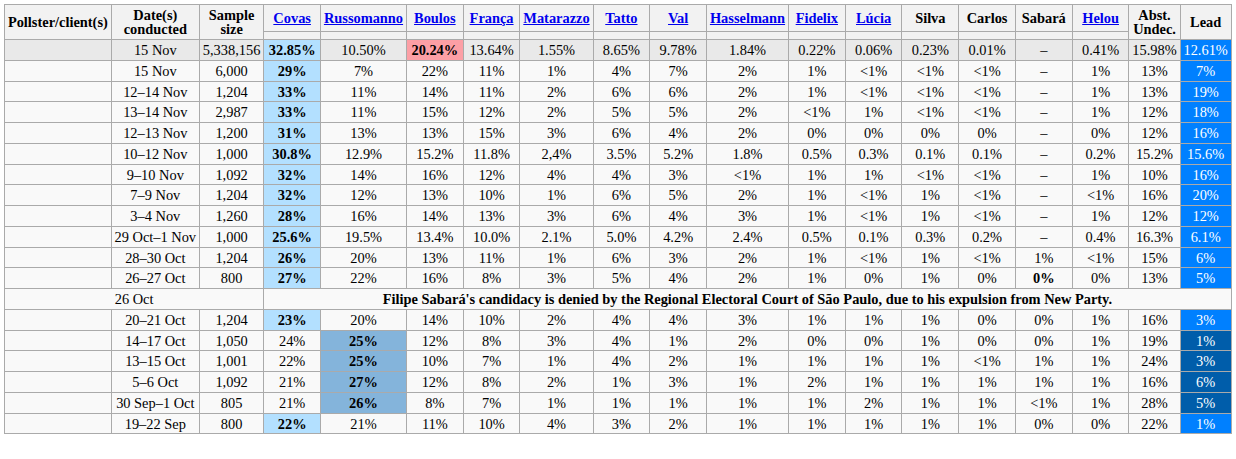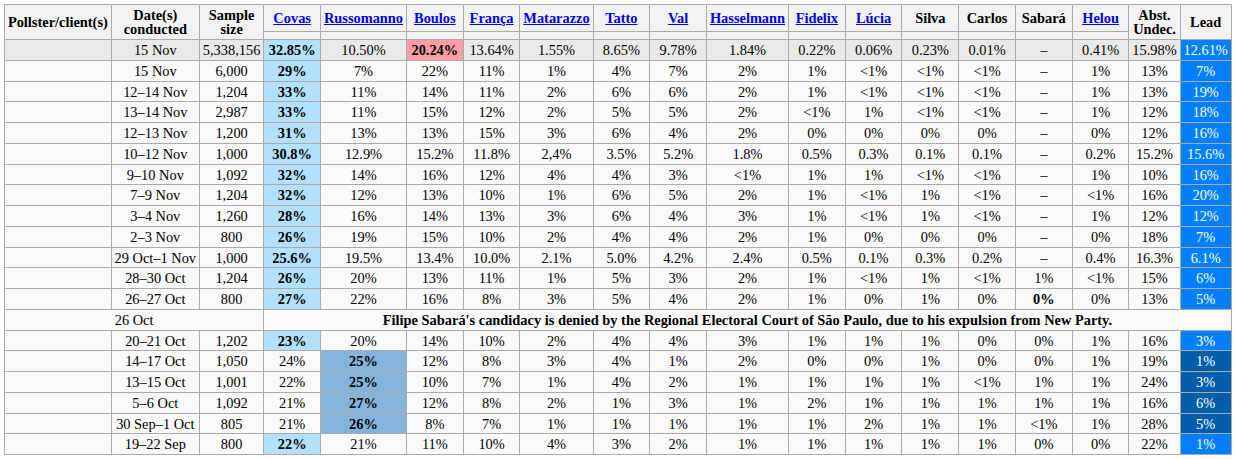 <table class="wikitable sortable" style="text-align:center;font-size:90%;line-height:14px;">
 <tr>
 <th rowspan="2">Pollster/client(s)</th>
 <th rowspan="2">Date(s)<br>conducted</th>
 <th rowspan="2" data-sort-type="number">Sample<br>size</th>
 <th class="unsortable" style="width:50px;"><a href='#'>Covas</a><br></th>
 <th class="unsortable" style="width:50px;"><a href='#'>Russomanno</a><br></th>
 <th class="unsortable" style="width:50px;"><a href='#'>Boulos</a><br></th>
 <th class="unsortable" style="width:50px;"><a href='#'>França</a><br></th>
 <th class="unsortable" style="width:50px;"><a href='#'>Matarazzo</a><br></th>
 <th class="unsortable" style="width:50px;"><a href='#'>Tatto</a><br></th>
 <th class="unsortable" style="width:50px;"><a href='#'>Val</a><br></th>
 <th class="unsortable" style="width:50px;"><a href='#'>Hasselmann</a><br></th>
 <th class="unsortable" style="width:50px;"><a href='#'>Fidelix</a><br></th>
 <th class="unsortable" style="width:50px;"><a href='#'>Lúcia</a><br></th>
 <th class="unsortable" style="width:50px;">Silva<br></th>
 <th class="unsortable" style="width:50px;">Carlos<br></th>
 <th class="unsortable" style="width:50px;">Sabará<br></th>
 <th class="unsortable" style="width:50px;"><a href='#'>Helou</a><br></th>
 <th rowspan="2" class="unsortable">Abst.<br>Undec.</th>
 <th rowspan="2" data-sort-type="number">Lead</th>
 </tr>
 <tr>
 <th data-sort-type="number" class="sortable" style="background:"></th>
 <th data-sort-type="number" class="sortable" style="background:"></th>
 <th data-sort-type="number" class="sortable" style="background:"></th>
 <th data-sort-type="number" class="sortable" style="background:"></th>
 <th data-sort-type="number" class="sortable" style="background:"></th>
 <th data-sort-type="number" class="sortable" style="background:"></th>
 <th data-sort-type="number" class="sortable" style="background:"></th>
 <th data-sort-type="number" class="sortable" style="background:"></th>
 <th data-sort-type="number" class="sortable" style="background:"></th>
 <th data-sort-type="number" class="sortable" style="background:"></th>
 <th data-sort-type="number" class="sortable" style="background:"></th>
 <th data-sort-type="number" class="sortable" style="background:"></th>
 <th data-sort-type="number" class="sortable" style="background:"></th>
 <th data-sort-type="number" class="sortable" style="background:"></th>
 </tr>
 <tr style="background:#E9E9E9;">
 <td></td>
 <td>15 Nov</td>
 <td>5,338,156</td>
 <td style="background:#B3E0FF;"><strong>32.85%</strong></td>
 <td>10.50%</td>
 <td style="background:#FC9FA5;"><strong>20.24%</strong></td>
 <td>13.64%</td>
 <td>1.55%</td>
 <td>8.65%</td>
 <td>9.78%</td>
 <td>1.84%</td>
 <td>0.22%</td>
 <td>0.06%</td>
 <td>0.23%</td>
 <td>0.01%</td>
 <td>–</td>
 <td>0.41%</td>
 <td>15.98%</td>
 <td style="background:#0080FF;color:#FFFFFF;">12.61%</td>
 </tr>
 <tr>
 <td></td>
 <td>15 Nov</td>
 <td>6,000</td>
 <td style="background:#B3E0FF;"><strong>29%</strong></td>
 <td>7%</td>
 <td>22%</td>
 <td>11%</td>
 <td>1%</td>
 <td>4%</td>
 <td>7%</td>
 <td>2%</td>
 <td>1%</td>
 <td><1%</td>
 <td><1%</td>
 <td><1%</td>
 <td>–</td>
 <td>1%</td>
 <td>13%</td>
 <td style="background:#0080FF;color:#FFFFFF;">7%</td>
 </tr>
 <tr>
 <td></td>
 <td>12–14 Nov</td>
 <td>1,204</td>
 <td style="background:#B3E0FF;"><strong>33%</strong></td>
 <td>11%</td>
 <td>14%</td>
 <td>11%</td>
 <td>2%</td>
 <td>6%</td>
 <td>6%</td>
 <td>2%</td>
 <td>1%</td>
 <td><1%</td>
 <td><1%</td>
 <td><1%</td>
 <td>–</td>
 <td>1%</td>
 <td>13%</td>
 <td style="background:#0080FF;color:#FFFFFF;">19%</td>
 </tr>
 <tr>
 <td></td>
 <td>13–14 Nov</td>
 <td>2,987</td>
 <td style="background:#B3E0FF;"><strong>33%</strong></td>
 <td>11%</td>
 <td>15%</td>
 <td>12%</td>
 <td>2%</td>
 <td>5%</td>
 <td>5%</td>
 <td>2%</td>
 <td><1%</td>
 <td>1%</td>
 <td><1%</td>
 <td><1%</td>
 <td>–</td>
 <td>1%</td>
 <td>12%</td>
 <td style="background:#0080FF;color:#FFFFFF;">18%</td>
 </tr>
 <tr>
 <td></td>
 <td>12–13 Nov</td>
 <td>1,200</td>
 <td style="background:#B3E0FF;"><strong>31%</strong></td>
 <td>13%</td>
 <td>13%</td>
 <td>15%</td>
 <td>3%</td>
 <td>6%</td>
 <td>4%</td>
 <td>2%</td>
 <td>0%</td>
 <td>0%</td>
 <td>0%</td>
 <td>0%</td>
 <td>–</td>
 <td>0%</td>
 <td>12%</td>
 <td style="background:#0080FF;color:#FFFFFF;">16%</td>
 </tr>
 <tr>
 <td></td>
 <td>10–12 Nov</td>
 <td>1,000</td>
 <td style="background:#B3E0FF;"><strong>30.8%</strong></td>
 <td>12.9%</td>
 <td>15.2%</td>
 <td>11.8%</td>
 <td>2,4%</td>
 <td>3.5%</td>
 <td>5.2%</td>
 <td>1.8%</td>
 <td>0.5%</td>
 <td>0.3%</td>
 <td>0.1%</td>
 <td>0.1%</td>
 <td>–</td>
 <td>0.2%</td>
 <td>15.2%</td>
 <td style="background:#0080FF;color:#FFFFFF;">15.6%</td>
 </tr>
 <tr>
 <td></td>
 <td>9–10 Nov</td>
 <td>1,092</td>
 <td style="background:#B3E0FF;"><strong>32%</strong></td>
 <td>14%</td>
 <td>16%</td>
 <td>12%</td>
 <td>4%</td>
 <td>4%</td>
 <td>3%</td>
 <td><1%</td>
 <td>1%</td>
 <td>1%</td>
 <td><1%</td>
 <td><1%</td>
 <td>–</td>
 <td>1%</td>
 <td>10%</td>
 <td style="background:#0080FF;color:#FFFFFF;">16%</td>
 </tr>
 <tr>
 <td></td>
 <td>7–9 Nov</td>
 <td>1,204</td>
 <td style="background:#B3E0FF;"><strong>32%</strong></td>
 <td>12%</td>
 <td>13%</td>
 <td>10%</td>
 <td>1%</td>
 <td>6%</td>
 <td>5%</td>
 <td>2%</td>
 <td>1%</td>
 <td><1%</td>
 <td>1%</td>
 <td><1%</td>
 <td>–</td>
 <td><1%</td>
 <td>16%</td>
 <td style="background:#0080FF;color:#FFFFFF;">20%</td>
 </tr>
 <tr>
 <td></td>
 <td>3–4 Nov</td>
 <td>1,260</td>
 <td style="background:#B3E0FF;"><strong>28%</strong></td>
 <td>16%</td>
 <td>14%</td>
 <td>13%</td>
 <td>3%</td>
 <td>6%</td>
 <td>4%</td>
 <td>3%</td>
 <td>1%</td>
 <td><1%</td>
 <td>1%</td>
 <td><1%</td>
 <td>–</td>
 <td>1%</td>
 <td>12%</td>
 <td style="background:#0080FF;color:#FFFFFF;">12%</td>
 </tr>
 <tr>
 <td></td>
+<td>2–3 Nov</td>
+<td>800</td>
+<td style="background:#B3E0FF;"><strong>26%</strong></td>
+<td>19%</td>
+<td>15%</td>
+<td>10%</td>
+<td>2%</td>
+<td>4%</td>
+<td>4%</td>
+<td>2%</td>
+<td>1%</td>
+<td>0%</td>
+<td>0%</td>
+<td>0%</td>
+<td>–</td>
+<td>0%</td>
+<td>18%</td>
+<td style="background:#0080FF;color:#FFFFFF;">7%</td>
+</tr>
+<tr>
+<td></td>
 <td>29 Oct–1 Nov</td>
 <td>1,000</td>
 <td style="background:#B3E0FF;"><strong>25.6%</strong></td>
 <td>19.5%</td>
 <td>13.4%</td>
 <td>10.0%</td>
 <td>2.1%</td>
 <td>5.0%</td>
 <td>4.2%</td>
 <td>2.4%</td>
 <td>0.5%</td>
 <td>0.1%</td>
 <td>0.3%</td>
 <td>0.2%</td>
 <td>–</td>
 <td>0.4%</td>
 <td>16.3%</td>
 <td style="background:#0080FF;color:#FFFFFF;">6.1%</td>
 </tr>
 <tr>
 <td></td>
 <td>28–30 Oct</td>
 <td>1,204</td>
 <td style="background:#B3E0FF;"><strong>26%</strong></td>
 <td>20%</td>
 <td>13%</td>
 <td>11%</td>
 <td>1%</td>
-<td>6%</td>
+<td>5%</td>
 <td>3%</td>
 <td>2%</td>
 <td>1%</td>
 <td><1%</td>
 <td>1%</td>
 <td><1%</td>
 <td>1%</td>
 <td><1%</td>
 <td>15%</td>
 <td style="background:#0080FF;color:#FFFFFF;">6%</td>
 </tr>
 <tr>
 <td></td>
 <td>26–27 Oct</td>
 <td>800</td>
 <td style="background:#B3E0FF;"><strong>27%</strong></td>
 <td>22%</td>
 <td>16%</td>
 <td>8%</td>
 <td>3%</td>
 <td>5%</td>
 <td>4%</td>
 <td>2%</td>
 <td>1%</td>
 <td>0%</td>
 <td>1%</td>
 <td>0%</td>
 <td><strong>0%</strong></td>
 <td>0%</td>
 <td>13%</td>
 <td style="background:#0080FF;color:#FFFFFF;">5%</td>
 </tr>
 <tr>
 <td colspan="3">26 Oct</td>
 <td colspan="16"><strong>Filipe Sabará's candidacy is denied by the Regional Electoral Court of São Paulo, due to his expulsion from New Party.</strong></td>
 </tr>
 <tr>
 <td></td>
 <td>20–21 Oct</td>
-<td>1,204</td>
+<td>1,202</td>
 <td style="background:#B3E0FF;"><strong>23%</strong></td>
 <td>20%</td>
 <td>14%</td>
 <td>10%</td>
 <td>2%</td>
 <td>4%</td>
 <td>4%</td>
 <td>3%</td>
 <td>1%</td>
 <td>1%</td>
 <td>1%</td>
 <td>0%</td>
 <td>0%</td>
 <td>1%</td>
 <td>16%</td>
 <td style="background:#0080FF;color:#FFFFFF;">3%</td>
 </tr>
 <tr>
 <td></td>
 <td>14–17 Oct</td>
 <td>1,050</td>
 <td>24%</td>
 <td style="background:#84B4DB;"><strong>25%</strong></td>
 <td>12%</td>
 <td>8%</td>
 <td>3%</td>
 <td>4%</td>
 <td>1%</td>
 <td>2%</td>
 <td>0%</td>
 <td>0%</td>
 <td>1%</td>
 <td>0%</td>
 <td>0%</td>
 <td>1%</td>
 <td>19%</td>
 <td style="background:#005DAA;color:#FFFFFF;">1%</td>
 </tr>
 <tr>
 <td></td>
 <td>13–15 Oct</td>
 <td>1,001</td>
 <td>22%</td>
 <td style="background:#84B4DB;"><strong>25%</strong></td>
 <td>10%</td>
 <td>7%</td>
 <td>1%</td>
 <td>4%</td>
 <td>2%</td>
 <td>1%</td>
 <td>1%</td>
 <td>1%</td>
 <td>1%</td>
 <td><1%</td>
 <td>1%</td>
 <td>1%</td>
 <td>24%</td>
 <td style="background:#005DAA;color:#FFFFFF;">3%</td>
 </tr>
 <tr>
 <td></td>
 <td>5–6 Oct</td>
 <td>1,092</td>
 <td>21%</td>
 <td style="background:#84B4DB;"><strong>27%</strong></td>
 <td>12%</td>
 <td>8%</td>
 <td>2%</td>
 <td>1%</td>
 <td>3%</td>
 <td>1%</td>
 <td>2%</td>
 <td>1%</td>
 <td>1%</td>
 <td>1%</td>
 <td>1%</td>
 <td>1%</td>
 <td>16%</td>
 <td style="background:#005DAA;color:#FFFFFF;">6%</td>
 </tr>
 <tr>
 <td></td>
 <td>30 Sep–1 Oct</td>
 <td>805</td>
 <td>21%</td>
 <td style="background:#84B4DB;"><strong>26%</strong></td>
 <td>8%</td>
 <td>7%</td>
 <td>1%</td>
 <td>1%</td>
 <td>1%</td>
 <td>1%</td>
 <td>1%</td>
 <td>2%</td>
 <td>1%</td>
 <td>1%</td>
 <td><1%</td>
 <td>1%</td>
 <td>28%</td>
 <td style="background:#005DAA;color:#FFFFFF;">5%</td>
 </tr>
 <tr>
 <td></td>
 <td>19–22 Sep</td>
 <td>800</td>
 <td style="background:#B3E0FF;"><strong>22%</strong></td>
 <td>21%</td>
 <td>11%</td>
 <td>10%</td>
 <td>4%</td>
 <td>3%</td>
 <td>2%</td>
 <td>1%</td>
 <td>1%</td>
 <td>1%</td>
 <td>1%</td>
 <td>1%</td>
 <td>0%</td>
 <td>0%</td>
 <td>22%</td>
 <td style="background:#0080FF;color:#FFFFFF;">1%</td>
 </tr>
 </table>
